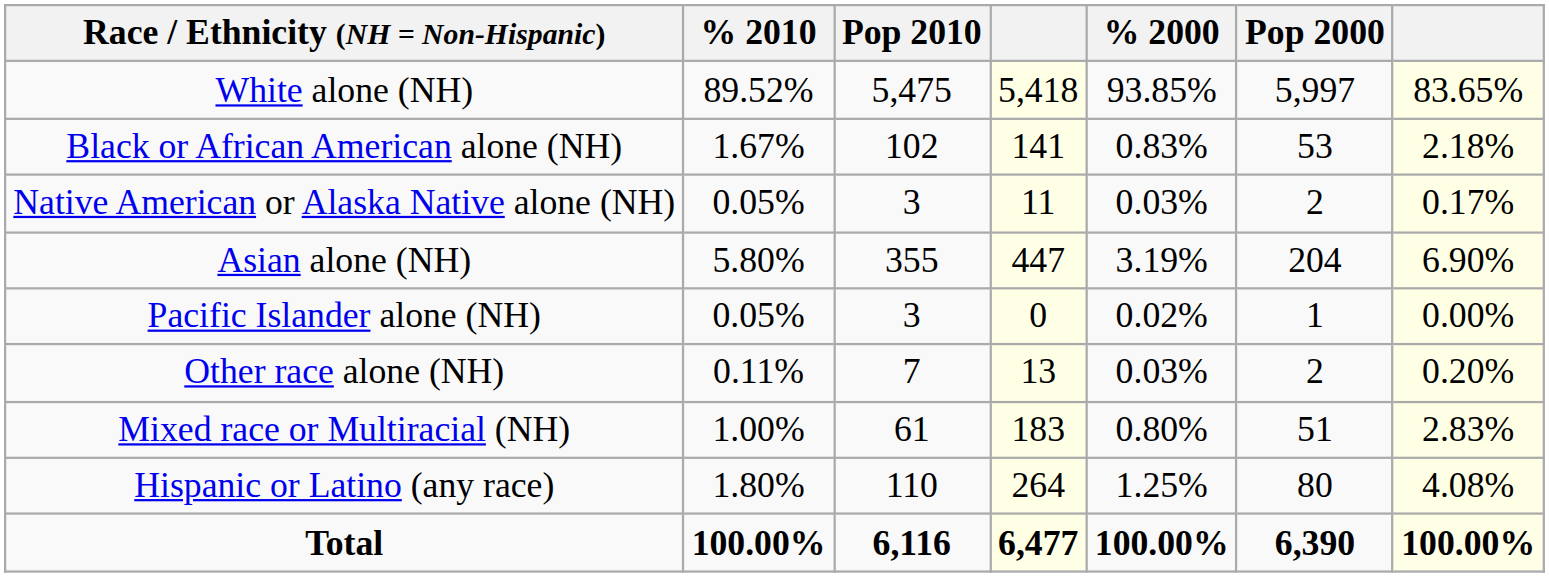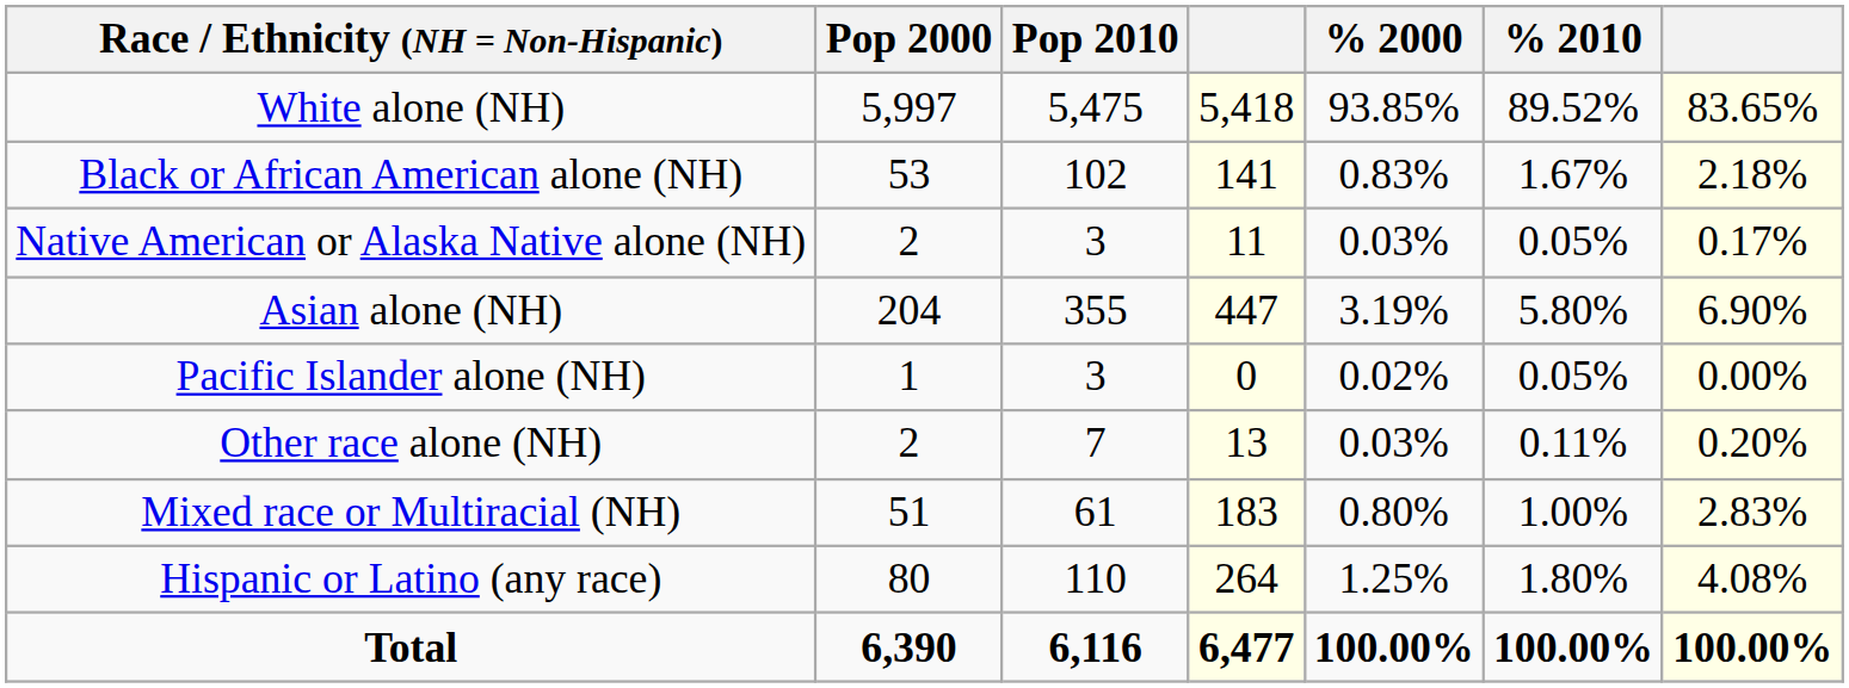 <table class="wikitable" style="text-align:center;">
 <tr>
 <th>Race / Ethnicity <small>(<em>NH = Non-Hispanic</em>)</small></th>
-<th>% 2010</th>
+<th>Pop 2000</th>
 <th>Pop 2010</th>
 <th></th>
 <th>% 2000</th>
-<th>Pop 2000</th>
+<th>% 2010</th>
 <th></th>
 </tr>
 <tr>
 <td><a href='#'>White</a> alone (NH)</td>
-<td>89.52%</td>
+<td>5,997</td>
 <td>5,475</td>
 <td style='background: #ffffe6;'>5,418</td>
 <td>93.85%</td>
-<td>5,997</td>
+<td>89.52%</td>
 <td style='background: #ffffe6;'>83.65%</td>
 </tr>
 <tr>
 <td><a href='#'>Black or African American</a> alone (NH)</td>
-<td>1.67%</td>
+<td>53</td>
 <td>102</td>
 <td style='background: #ffffe6;'>141</td>
 <td>0.83%</td>
-<td>53</td>
+<td>1.67%</td>
 <td style='background: #ffffe6;'>2.18%</td>
 </tr>
 <tr>
 <td><a href='#'>Native American</a> or <a href='#'>Alaska Native</a> alone (NH)</td>
-<td>0.05%</td>
+<td>2</td>
 <td>3</td>
 <td style='background: #ffffe6;'>11</td>
 <td>0.03%</td>
-<td>2</td>
+<td>0.05%</td>
 <td style='background: #ffffe6;'>0.17%</td>
 </tr>
 <tr>
 <td><a href='#'>Asian</a> alone (NH)</td>
-<td>5.80%</td>
+<td>204</td>
 <td>355</td>
 <td style='background: #ffffe6;'>447</td>
 <td>3.19%</td>
-<td>204</td>
+<td>5.80%</td>
 <td style='background: #ffffe6;'>6.90%</td>
 </tr>
 <tr>
 <td><a href='#'>Pacific Islander</a> alone (NH)</td>
-<td>0.05%</td>
+<td>1</td>
 <td>3</td>
 <td style='background: #ffffe6;'>0</td>
 <td>0.02%</td>
-<td>1</td>
+<td>0.05%</td>
 <td style='background: #ffffe6;'>0.00%</td>
 </tr>
 <tr>
 <td><a href='#'>Other race</a> alone (NH)</td>
-<td>0.11%</td>
+<td>2</td>
 <td>7</td>
 <td style='background: #ffffe6;'>13</td>
 <td>0.03%</td>
-<td>2</td>
+<td>0.11%</td>
 <td style='background: #ffffe6;'>0.20%</td>
 </tr>
 <tr>
 <td><a href='#'>Mixed race or Multiracial</a> (NH)</td>
-<td>1.00%</td>
+<td>51</td>
 <td>61</td>
 <td style='background: #ffffe6;'>183</td>
 <td>0.80%</td>
-<td>51</td>
+<td>1.00%</td>
 <td style='background: #ffffe6;'>2.83%</td>
 </tr>
 <tr>
 <td><a href='#'>Hispanic or Latino</a> (any race)</td>
-<td>1.80%</td>
+<td>80</td>
 <td>110</td>
 <td style='background: #ffffe6;'>264</td>
 <td>1.25%</td>
-<td>80</td>
+<td>1.80%</td>
 <td style='background: #ffffe6;'>4.08%</td>
 </tr>
 <tr>
 <td><strong>Total</strong></td>
-<td><strong>100.00%</strong></td>
+<td><strong>6,390</strong></td>
 <td><strong>6,116</strong></td>
 <td style='background: #ffffe6;'><strong>6,477</strong></td>
 <td><strong>100.00%</strong></td>
-<td><strong>6,390</strong></td>
+<td><strong>100.00%</strong></td>
 <td style='background: #ffffe6;'><strong>100.00%</strong></td>
 </tr>
 </table>
